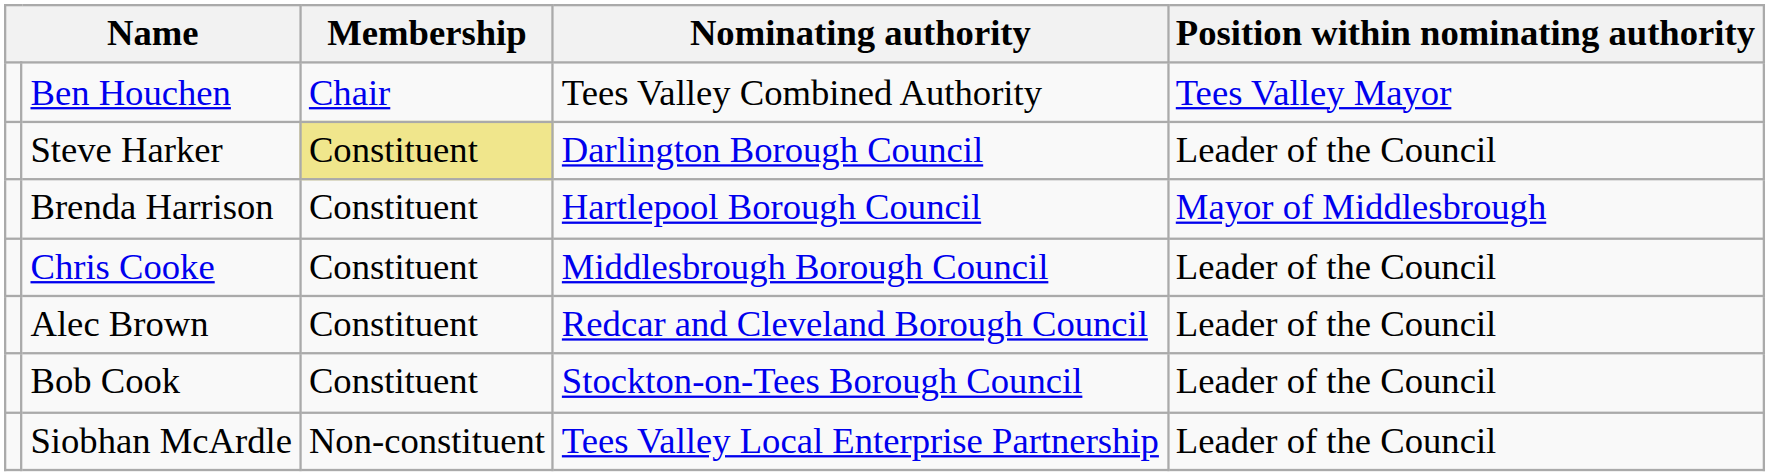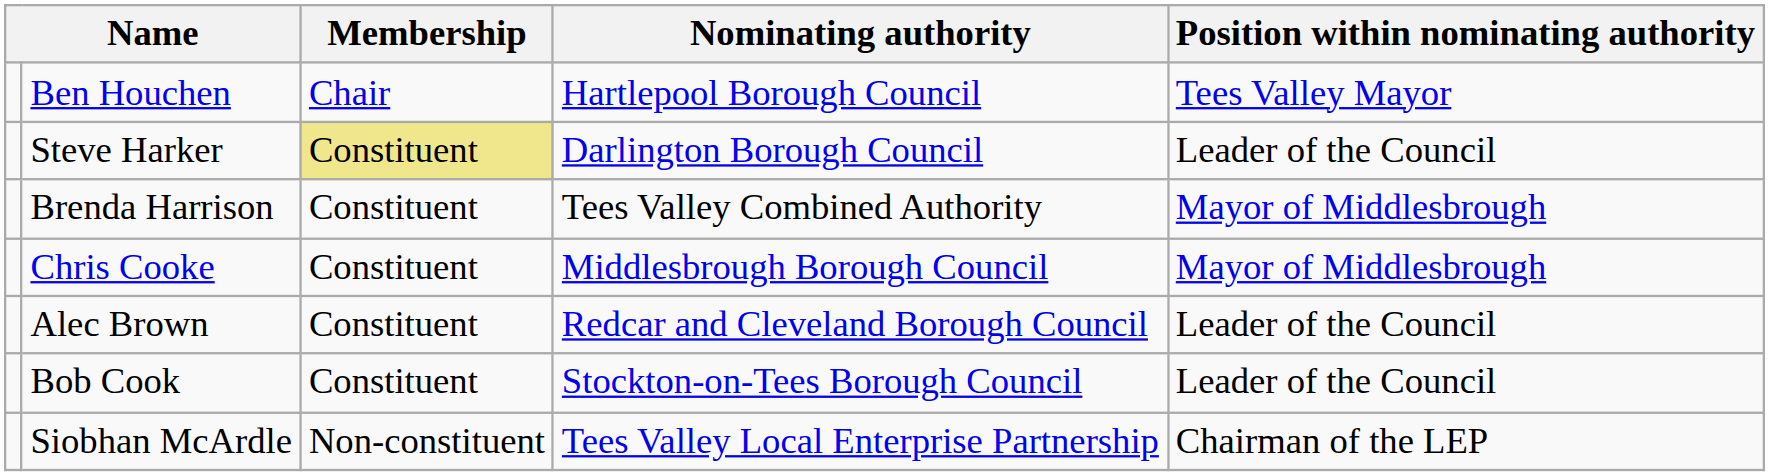 <table class="wikitable sortable">
 <tr>
 <th colspan=2>Name</th>
 <th>Membership</th>
 <th>Nominating authority</th>
 <th>Position within nominating authority</th>
 </tr>
 <tr>
 <td style="background:"></td>
 <td><a href='#'>Ben Houchen</a></td>
 <td><a href='#'>Chair</a></td>
-<td>Tees Valley Combined Authority</td>
+<td><a href='#'>Hartlepool Borough Council</a></td>
 <td><a href='#'>Tees Valley Mayor</a></td>
 </tr>
 <tr>
 <td style="background:"></td>
 <td>Steve Harker</td>
 <td style="background: khaki;">Constituent</td>
 <td><a href='#'>Darlington Borough Council</a></td>
 <td>Leader of the Council</td>
 </tr>
 <tr>
 <td style="background:"></td>
 <td>Brenda Harrison</td>
 <td>Constituent</td>
-<td><a href='#'>Hartlepool Borough Council</a></td>
+<td>Tees Valley Combined Authority</td>
 <td><a href='#'>Mayor of Middlesbrough</a></td>
 </tr>
 <tr>
 <td style="background:"></td>
 <td><a href='#'>Chris Cooke</a></td>
 <td>Constituent</td>
 <td><a href='#'>Middlesbrough Borough Council</a></td>
-<td>Leader of the Council</td>
+<td><a href='#'>Mayor of Middlesbrough</a></td>
 </tr>
 <tr>
 <td style="background:"></td>
 <td>Alec Brown</td>
 <td>Constituent</td>
 <td><a href='#'>Redcar and Cleveland Borough Council</a></td>
 <td>Leader of the Council</td>
 </tr>
 <tr>
 <td style="background:"></td>
 <td>Bob Cook</td>
 <td>Constituent</td>
 <td><a href='#'>Stockton-on-Tees Borough Council</a></td>
 <td>Leader of the Council</td>
 </tr>
 <tr>
 <td style=""></td>
 <td>Siobhan McArdle</td>
 <td>Non-constituent</td>
 <td><a href='#'>Tees Valley Local Enterprise Partnership</a></td>
-<td>Leader of the Council</td>
+<td>Chairman of the LEP</td>
 </tr>
 </table>
